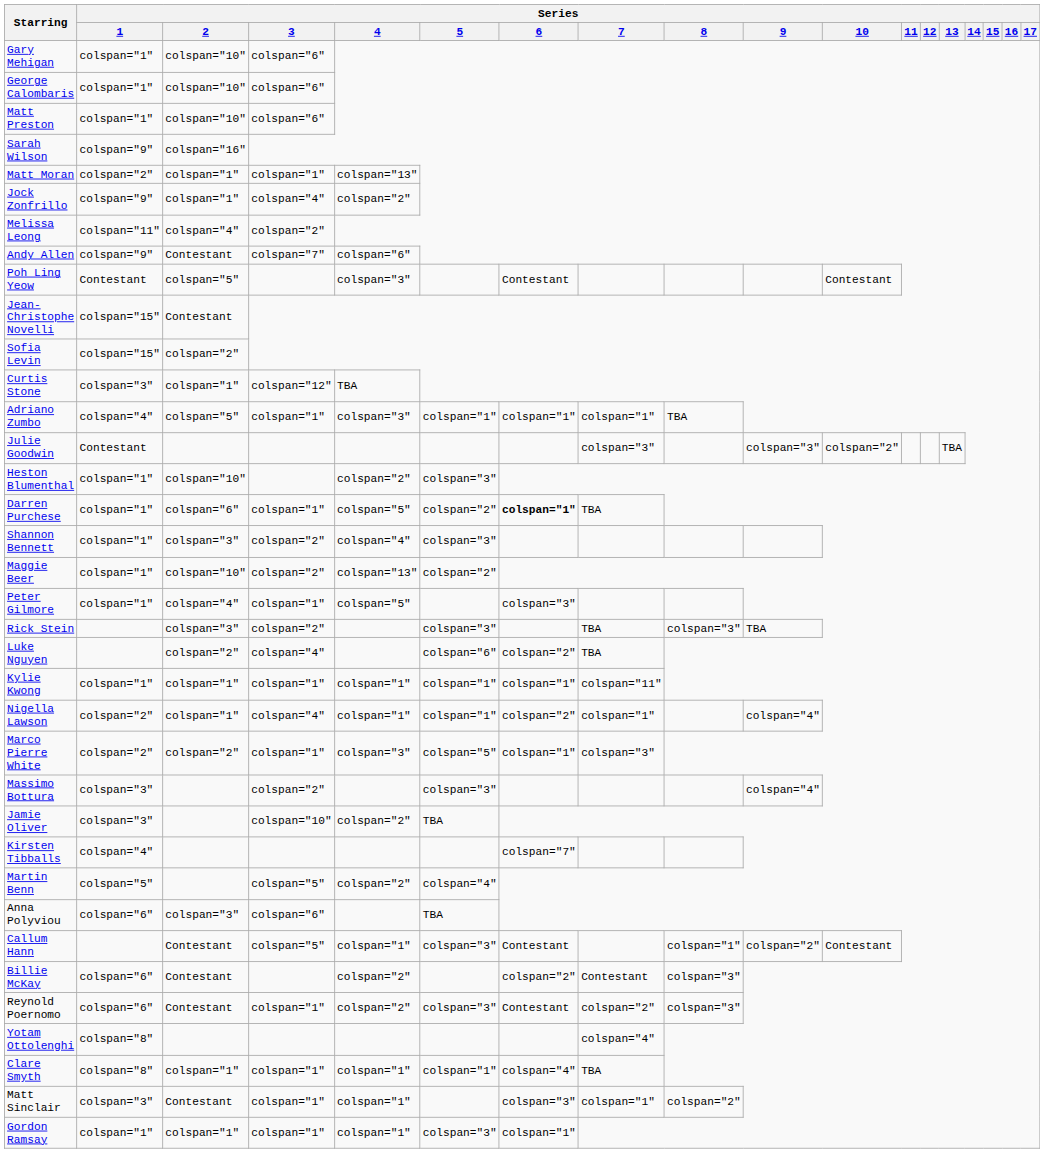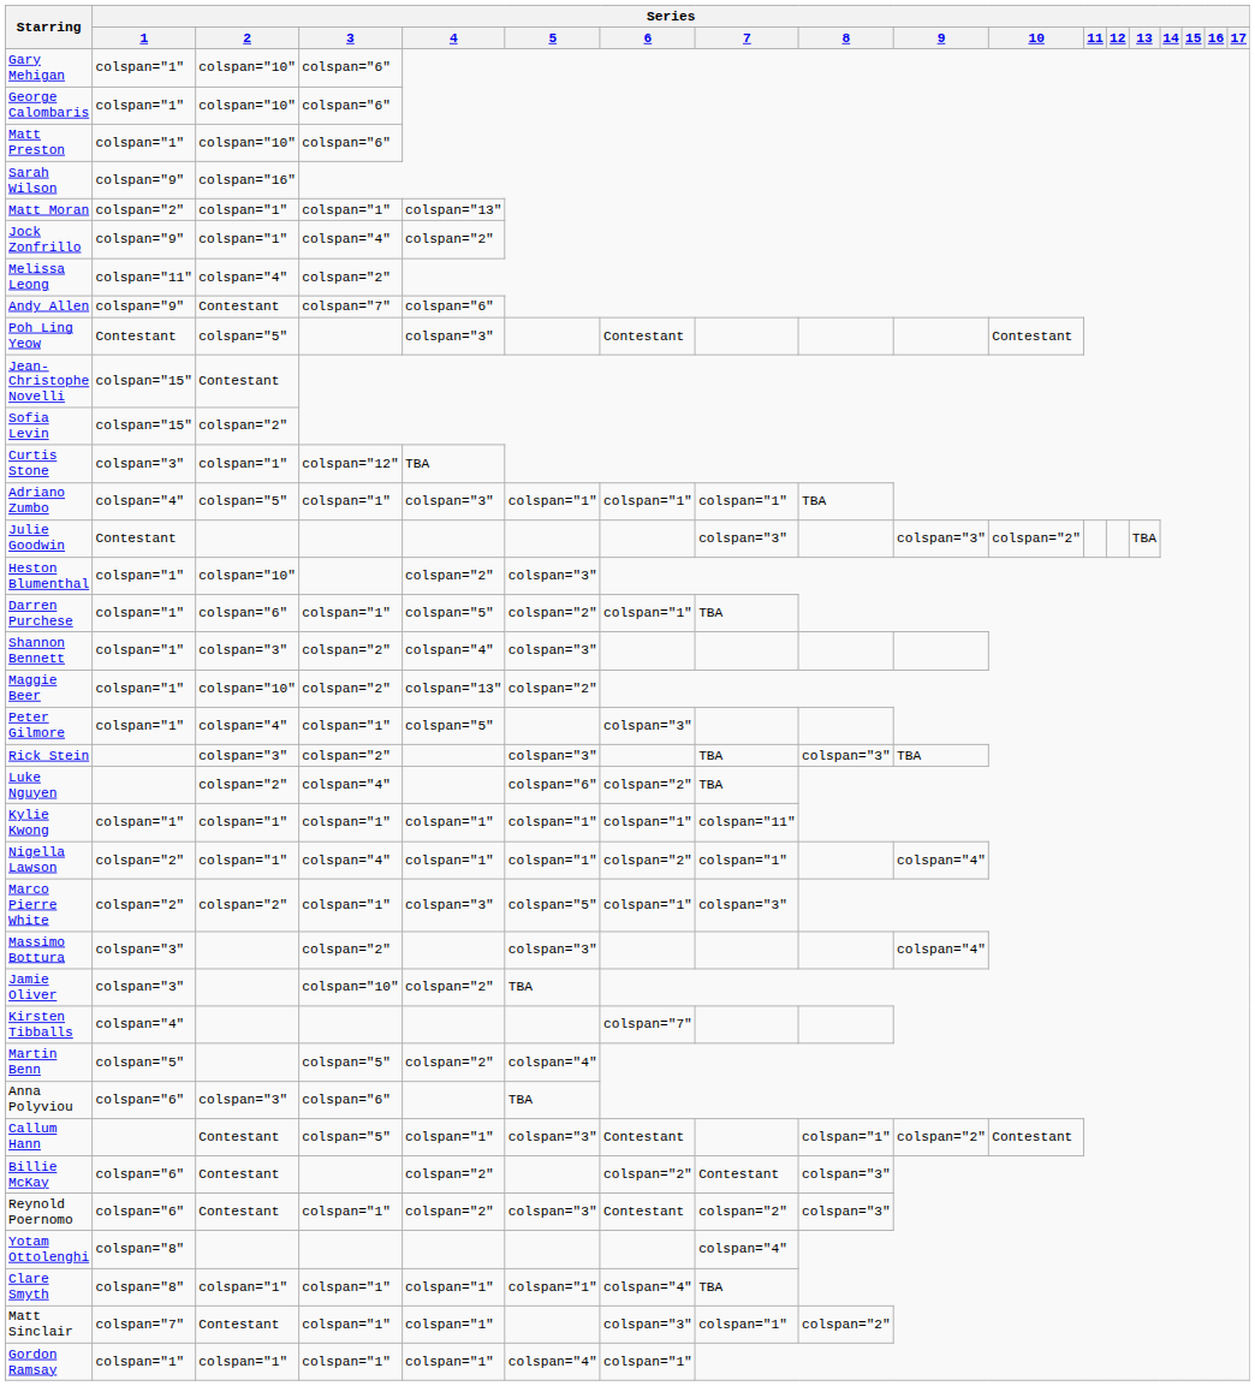 <table class="wikitable plainrowheaders" style="font-size:100%;">
 <tr>
 <th rowspan="2" scope="col" width="10%">Starring</th>
 <th colspan="17" scope="col">Series</th>
 </tr>
 <tr>
 <th scope="col" style="width:6%;"><a href='#'>1</a></th>
 <th scope="col" style="width:6%;"><a href='#'>2</a></th>
 <th scope="col" style="width:6%;"><a href='#'>3</a></th>
 <th scope="col" style="width:6%;"><a href='#'>4</a></th>
 <th scope="col" style="width:6%;"><a href='#'>5</a></th>
 <th scope="col" style="width:6%;"><a href='#'>6</a></th>
 <th scope="col" style="width:6%;"><a href='#'>7</a></th>
 <th scope="col" style="width:6%;"><a href='#'>8</a></th>
 <th scope="col" style="width:6%;"><a href='#'>9</a></th>
 <th scope="col" style="width:6%;"><a href='#'>10</a></th>
 <th scope="col" style="width:6%;"><a href='#'>11</a></th>
 <th scope="col" style="width:6%;"><a href='#'>12</a></th>
 <th scope="col" style="width:6%;"><a href='#'>13</a></th>
 <th scope="col" style="width:6%;"><a href='#'>14</a></th>
 <th scope="col" style="width:6%;"><a href='#'>15</a></th>
 <th scope="col" style="width:6%;"><a href='#'>16</a></th>
 <th scope="col" style="width:6%;"><a href='#'>17</a></th>
 </tr>
 <tr>
 <td scope="row"><a href='#'>Gary Mehigan</a></td>
 <td>colspan="1" </td>
 <td>colspan="10" </td>
 <td>colspan="6" </td>
 </tr>
 <tr>
 <td scope="row"><a href='#'>George Calombaris</a></td>
 <td>colspan="1" </td>
 <td>colspan="10" </td>
 <td>colspan="6" </td>
 </tr>
 <tr>
 <td scope="row"><a href='#'>Matt Preston</a></td>
 <td>colspan="1" </td>
 <td>colspan="10" </td>
 <td>colspan="6" </td>
 </tr>
 <tr>
 <td scope="row"><a href='#'>Sarah Wilson</a></td>
 <td>colspan="9"  </td>
 <td>colspan="16" </td>
 </tr>
 <tr>
 <td scope="row"><a href='#'>Matt Moran</a></td>
 <td>colspan="2" </td>
 <td>colspan="1" </td>
 <td>colspan="1" </td>
 <td>colspan="13" </td>
 </tr>
 <tr>
 <td scope="row"><a href='#'>Jock Zonfrillo</a></td>
 <td>colspan="9" </td>
 <td>colspan="1" </td>
 <td>colspan="4" </td>
 <td>colspan="2" </td>
 </tr>
 <tr>
 <td scope="row"><a href='#'>Melissa Leong</a></td>
 <td>colspan="11" </td>
 <td>colspan="4" </td>
 <td>colspan="2" </td>
 </tr>
 <tr>
 <td scope="row"><a href='#'>Andy Allen</a></td>
 <td>colspan="9" </td>
 <td>Contestant</td>
 <td>colspan="7" </td>
 <td>colspan="6" </td>
 </tr>
 <tr>
 <td scope="row"><a href='#'>Poh Ling Yeow</a></td>
 <td>Contestant</td>
 <td>colspan="5" </td>
 <td></td>
 <td>colspan="3" </td>
 <td></td>
 <td>Contestant</td>
 <td></td>
 <td></td>
 <td></td>
 <td>Contestant</td>
 </tr>
 <tr>
 <td scope="row"><a href='#'>Jean-Christophe Novelli</a></td>
 <td>colspan="15" </td>
 <td>Contestant</td>
 </tr>
 <tr>
 <td scope="row"><a href='#'>Sofia Levin</a></td>
 <td>colspan="15" </td>
 <td>colspan="2" </td>
 </tr>
 <tr>
 <td scope="row"><a href='#'>Curtis Stone</a></td>
 <td>colspan="3" </td>
 <td>colspan="1" </td>
 <td>colspan="12" </td>
 <td>TBA</td>
 </tr>
 <tr>
 <td scope="row"><a href='#'>Adriano Zumbo</a></td>
 <td>colspan="4" </td>
 <td>colspan="5" </td>
 <td>colspan="1" </td>
 <td>colspan="3" </td>
 <td>colspan="1" </td>
 <td>colspan="1" </td>
 <td>colspan="1" </td>
 <td>TBA</td>
 </tr>
 <tr>
 <td scope="row"><a href='#'>Julie Goodwin</a></td>
 <td>Contestant</td>
 <td></td>
 <td></td>
 <td></td>
 <td></td>
 <td></td>
 <td>colspan="3" </td>
 <td></td>
 <td>colspan="3" </td>
 <td>colspan="2" </td>
 <td></td>
 <td></td>
 <td>TBA</td>
 </tr>
 <tr>
 <td scope="row"><a href='#'>Heston Blumenthal</a></td>
 <td>colspan="1" </td>
 <td>colspan="10" </td>
 <td></td>
 <td>colspan="2" </td>
 <td>colspan="3" </td>
 </tr>
 <tr>
 <td scope="row"><a href='#'>Darren Purchese</a></td>
 <td>colspan="1" </td>
 <td>colspan="6" </td>
 <td>colspan="1" </td>
 <td>colspan="5" </td>
 <td>colspan="2" </td>
-<td><strong>colspan="1" </strong></td>
+<td>colspan="1" </td>
 <td>TBA</td>
 </tr>
 <tr>
 <td scope="row"><a href='#'>Shannon Bennett</a></td>
 <td>colspan="1" </td>
 <td>colspan="3" </td>
 <td>colspan="2" </td>
 <td>colspan="4" </td>
 <td>colspan="3" </td>
 <td></td>
 <td></td>
 <td></td>
 <td></td>
 </tr>
 <tr>
 <td scope="row"><a href='#'>Maggie Beer</a></td>
 <td>colspan="1" </td>
 <td>colspan="10" </td>
 <td>colspan="2" </td>
 <td>colspan="13" </td>
 <td>colspan="2" </td>
 </tr>
 <tr>
 <td scope="row"><a href='#'>Peter Gilmore</a></td>
 <td>colspan="1" </td>
 <td>colspan="4" </td>
 <td>colspan="1" </td>
 <td>colspan="5" </td>
 <td></td>
 <td>colspan="3" </td>
 <td></td>
 <td></td>
 </tr>
 <tr>
 <td scope="row"><a href='#'>Rick Stein</a></td>
 <td></td>
 <td>colspan="3" </td>
 <td>colspan="2" </td>
 <td></td>
 <td>colspan="3" </td>
 <td></td>
 <td>TBA</td>
 <td>colspan="3" </td>
 <td>TBA</td>
 </tr>
 <tr>
 <td scope="row"><a href='#'>Luke Nguyen</a></td>
 <td></td>
 <td>colspan="2" </td>
 <td>colspan="4" </td>
 <td></td>
 <td>colspan="6" </td>
 <td>colspan="2" </td>
 <td>TBA</td>
 </tr>
 <tr>
 <td scope="row"><a href='#'>Kylie Kwong</a></td>
 <td>colspan="1" </td>
 <td>colspan="1" </td>
 <td>colspan="1" </td>
 <td>colspan="1" </td>
 <td>colspan="1" </td>
 <td>colspan="1" </td>
 <td>colspan="11" </td>
 </tr>
 <tr>
 <td scope="row"><a href='#'>Nigella Lawson</a></td>
 <td>colspan="2" </td>
 <td>colspan="1" </td>
 <td>colspan="4" </td>
 <td>colspan="1" </td>
 <td>colspan="1" </td>
 <td>colspan="2" </td>
 <td>colspan="1" </td>
 <td></td>
 <td>colspan="4" </td>
 </tr>
 <tr>
 <td scope="row"><a href='#'>Marco Pierre White</a></td>
 <td>colspan="2" </td>
 <td>colspan="2" </td>
 <td>colspan="1" </td>
 <td>colspan="3" </td>
 <td>colspan="5" </td>
 <td>colspan="1" </td>
 <td>colspan="3" </td>
 </tr>
 <tr>
 <td scope="row"><a href='#'>Massimo Bottura</a></td>
 <td>colspan="3" </td>
 <td></td>
 <td>colspan="2" </td>
 <td></td>
 <td>colspan="3" </td>
 <td></td>
 <td></td>
 <td></td>
 <td>colspan="4" </td>
 </tr>
 <tr>
 <td scope="row"><a href='#'>Jamie Oliver</a></td>
 <td>colspan="3" </td>
 <td></td>
 <td>colspan="10" </td>
 <td>colspan="2" </td>
 <td>TBA</td>
 </tr>
 <tr>
 <td scope="row"><a href='#'>Kirsten Tibballs</a></td>
 <td>colspan="4" </td>
 <td></td>
 <td></td>
 <td></td>
 <td></td>
 <td>colspan="7" </td>
 <td></td>
 <td></td>
 </tr>
 <tr>
 <td scope="row"><a href='#'>Martin Benn</a></td>
 <td>colspan="5" </td>
 <td></td>
 <td>colspan="5" </td>
 <td>colspan="2" </td>
 <td>colspan="4" </td>
 </tr>
 <tr>
 <td scope="row">Anna Polyviou</td>
 <td>colspan="6" </td>
 <td>colspan="3" </td>
 <td>colspan="6" </td>
 <td></td>
 <td>TBA</td>
 </tr>
 <tr>
 <td scope="row"><a href='#'>Callum Hann</a></td>
 <td></td>
 <td>Contestant</td>
 <td>colspan="5" </td>
 <td>colspan="1" </td>
 <td>colspan="3" </td>
 <td>Contestant</td>
 <td></td>
 <td>colspan="1" </td>
 <td>colspan="2" </td>
 <td>Contestant</td>
 </tr>
 <tr>
 <td scope="row"><a href='#'>Billie McKay</a></td>
 <td>colspan="6" </td>
 <td>Contestant</td>
 <td></td>
 <td>colspan="2" </td>
 <td></td>
 <td>colspan="2" </td>
 <td>Contestant</td>
 <td>colspan="3" </td>
 </tr>
 <tr>
 <td scope="row">Reynold Poernomo</td>
 <td>colspan="6" </td>
 <td>Contestant</td>
 <td>colspan="1" </td>
 <td>colspan="2" </td>
 <td>colspan="3" </td>
 <td>Contestant</td>
 <td>colspan="2" </td>
 <td>colspan="3" </td>
 </tr>
 <tr>
 <td scope="row"><a href='#'>Yotam Ottolenghi</a></td>
 <td>colspan="8" </td>
 <td></td>
 <td></td>
 <td></td>
 <td></td>
 <td></td>
 <td>colspan="4" </td>
 </tr>
 <tr>
 <td scope="row"><a href='#'>Clare Smyth</a></td>
 <td>colspan="8" </td>
 <td>colspan="1" </td>
 <td>colspan="1" </td>
 <td>colspan="1" </td>
 <td>colspan="1" </td>
 <td>colspan="4" </td>
 <td>TBA</td>
 </tr>
 <tr>
 <td scope="row">Matt Sinclair</td>
-<td>colspan="3" </td>
+<td>colspan="7" </td>
 <td>Contestant</td>
 <td>colspan="1" </td>
 <td>colspan="1" </td>
 <td></td>
 <td>colspan="3" </td>
 <td>colspan="1" </td>
 <td>colspan="2" </td>
 </tr>
 <tr>
 <td scope="row"><a href='#'>Gordon Ramsay</a></td>
 <td>colspan="1" </td>
 <td>colspan="1" </td>
 <td>colspan="1" </td>
 <td>colspan="1" </td>
-<td>colspan="3" </td>
+<td>colspan="4" </td>
 <td>colspan="1" </td>
 </tr>
 </table>
